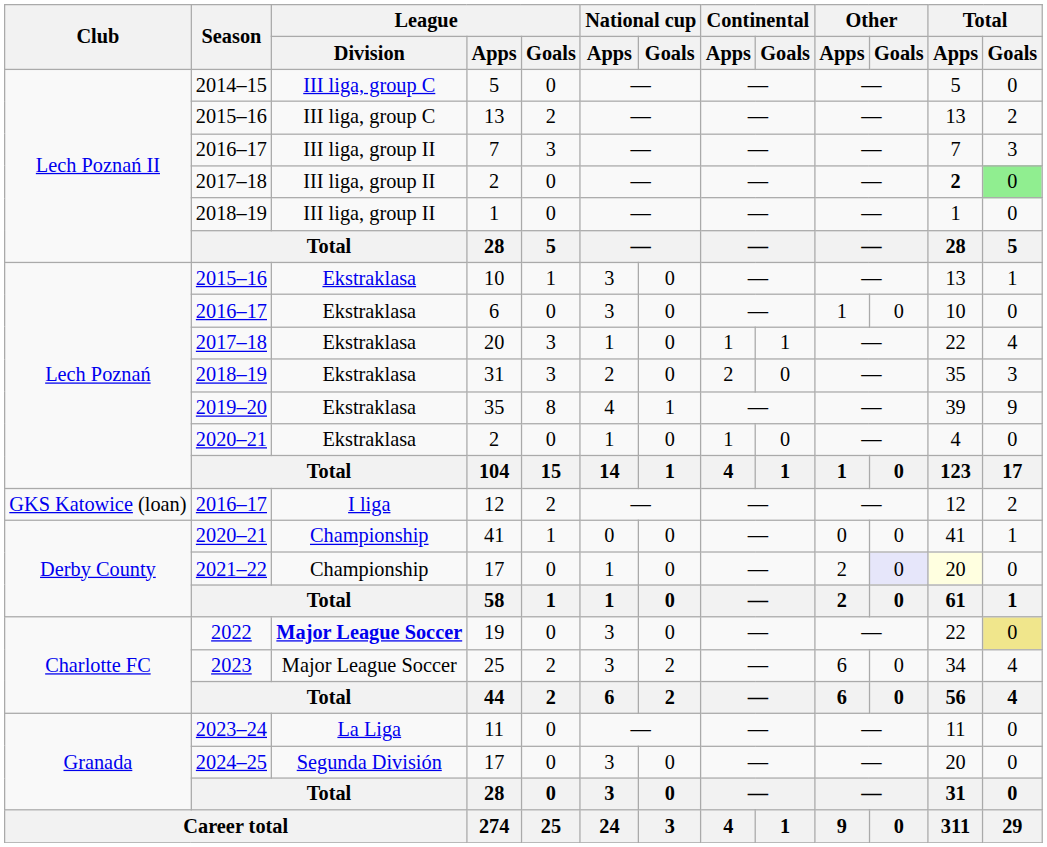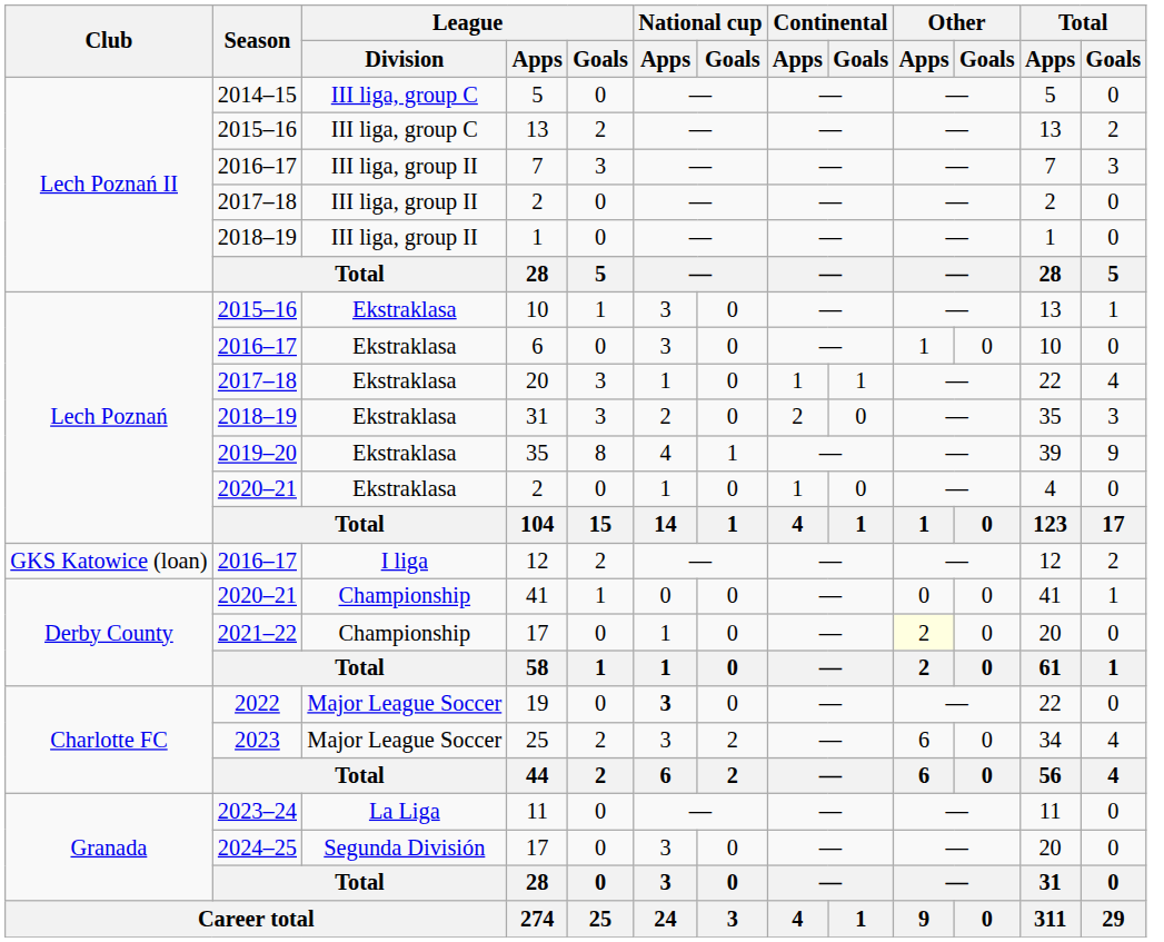 <table class="wikitable" style="text-align:center">
 <tr>
 <th rowspan="2">Club</th>
 <th rowspan="2">Season</th>
 <th colspan="3">League</th>
 <th colspan="2">National cup</th>
 <th colspan="2">Continental</th>
 <th colspan="2">Other</th>
 <th colspan="2">Total</th>
 </tr>
 <tr>
 <th>Division</th>
 <th>Apps</th>
 <th>Goals</th>
 <th>Apps</th>
 <th>Goals</th>
 <th>Apps</th>
 <th>Goals</th>
 <th>Apps</th>
 <th>Goals</th>
 <th>Apps</th>
 <th>Goals</th>
 </tr>
 <tr>
 <td rowspan="6"><a href='#'>Lech Poznań II</a></td>
 <td>2014–15</td>
 <td><a href='#'>III liga, group C</a></td>
 <td>5</td>
 <td>0</td>
 <td colspan="2">—</td>
 <td colspan="2">—</td>
 <td colspan="2">—</td>
 <td>5</td>
 <td>0</td>
 </tr>
 <tr>
 <td>2015–16</td>
 <td>III liga, group C</td>
 <td>13</td>
 <td>2</td>
 <td colspan="2">—</td>
 <td colspan="2">—</td>
 <td colspan="2">—</td>
 <td>13</td>
 <td>2</td>
 </tr>
 <tr>
 <td>2016–17</td>
 <td>III liga, group II</td>
 <td>7</td>
 <td>3</td>
 <td colspan="2">—</td>
 <td colspan="2">—</td>
 <td colspan="2">—</td>
 <td>7</td>
 <td>3</td>
 </tr>
 <tr>
 <td>2017–18</td>
 <td>III liga, group II</td>
 <td>2</td>
 <td>0</td>
 <td colspan="2">—</td>
 <td colspan="2">—</td>
 <td colspan="2">—</td>
-<td><strong>2</strong></td>
-<td style="background: lightgreen;">0</td>
+<td>2</td>
+<td>0</td>
 </tr>
 <tr>
 <td>2018–19</td>
 <td>III liga, group II</td>
 <td>1</td>
 <td>0</td>
 <td colspan="2">—</td>
 <td colspan="2">—</td>
 <td colspan="2">—</td>
 <td>1</td>
 <td>0</td>
 </tr>
 <tr>
 <th colspan="2">Total</th>
 <th>28</th>
 <th>5</th>
 <th colspan="2">—</th>
 <th colspan="2">—</th>
 <th colspan="2">—</th>
 <th>28</th>
 <th>5</th>
 </tr>
 <tr>
 <td rowspan="7"><a href='#'>Lech Poznań</a></td>
 <td><a href='#'>2015–16</a></td>
 <td><a href='#'>Ekstraklasa</a></td>
 <td>10</td>
 <td>1</td>
 <td>3</td>
 <td>0</td>
 <td colspan="2">—</td>
 <td colspan="2">—</td>
 <td>13</td>
 <td>1</td>
 </tr>
 <tr>
 <td><a href='#'>2016–17</a></td>
 <td>Ekstraklasa</td>
 <td>6</td>
 <td>0</td>
 <td>3</td>
 <td>0</td>
 <td colspan="2">—</td>
 <td>1</td>
 <td>0</td>
 <td>10</td>
 <td>0</td>
 </tr>
 <tr>
 <td><a href='#'>2017–18</a></td>
 <td>Ekstraklasa</td>
 <td>20</td>
 <td>3</td>
 <td>1</td>
 <td>0</td>
 <td>1</td>
 <td>1</td>
 <td colspan="2">—</td>
 <td>22</td>
 <td>4</td>
 </tr>
 <tr>
 <td><a href='#'>2018–19</a></td>
 <td>Ekstraklasa</td>
 <td>31</td>
 <td>3</td>
 <td>2</td>
 <td>0</td>
 <td>2</td>
 <td>0</td>
 <td colspan="2">—</td>
 <td>35</td>
 <td>3</td>
 </tr>
 <tr>
 <td><a href='#'>2019–20</a></td>
 <td>Ekstraklasa</td>
 <td>35</td>
 <td>8</td>
 <td>4</td>
 <td>1</td>
 <td colspan="2">—</td>
 <td colspan="2">—</td>
 <td>39</td>
 <td>9</td>
 </tr>
 <tr>
 <td><a href='#'>2020–21</a></td>
 <td>Ekstraklasa</td>
 <td>2</td>
 <td>0</td>
 <td>1</td>
 <td>0</td>
 <td>1</td>
 <td>0</td>
 <td colspan="2">—</td>
 <td>4</td>
 <td>0</td>
 </tr>
 <tr>
 <th colspan="2">Total</th>
 <th>104</th>
 <th>15</th>
 <th>14</th>
 <th>1</th>
 <th>4</th>
 <th>1</th>
 <th>1</th>
 <th>0</th>
 <th>123</th>
 <th>17</th>
 </tr>
 <tr>
 <td><a href='#'>GKS Katowice</a> (loan)</td>
 <td><a href='#'>2016–17</a></td>
 <td><a href='#'>I liga</a></td>
 <td>12</td>
 <td>2</td>
 <td colspan="2">—</td>
 <td colspan="2">—</td>
 <td colspan="2">—</td>
 <td>12</td>
 <td>2</td>
 </tr>
 <tr>
 <td rowspan="3"><a href='#'>Derby County</a></td>
 <td><a href='#'>2020–21</a></td>
 <td><a href='#'>Championship</a></td>
 <td>41</td>
 <td>1</td>
 <td>0</td>
 <td>0</td>
 <td colspan="2">—</td>
 <td>0</td>
 <td>0</td>
 <td>41</td>
 <td>1</td>
 </tr>
 <tr>
 <td><a href='#'>2021–22</a></td>
 <td>Championship</td>
 <td>17</td>
 <td>0</td>
 <td>1</td>
 <td>0</td>
 <td colspan="2">—</td>
-<td>2</td>
-<td style="background: lavender;">0</td>
-<td style="background: lightyellow;">20</td>
+<td style="background: lightyellow;">2</td>
+<td>0</td>
+<td>20</td>
 <td>0</td>
 </tr>
 <tr>
 <th colspan="2">Total</th>
 <th>58</th>
 <th>1</th>
 <th>1</th>
 <th>0</th>
 <th colspan="2">—</th>
 <th>2</th>
 <th>0</th>
 <th>61</th>
 <th>1</th>
 </tr>
 <tr>
 <td rowspan="3"><a href='#'>Charlotte FC</a></td>
 <td><a href='#'>2022</a></td>
-<td><strong><a href='#'>Major League Soccer</a></strong></td>
+<td><a href='#'>Major League Soccer</a></td>
 <td>19</td>
 <td>0</td>
-<td>3</td>
+<td><strong>3</strong></td>
 <td>0</td>
 <td colspan="2">—</td>
 <td colspan="2">—</td>
 <td>22</td>
-<td style="background: khaki;">0</td>
+<td>0</td>
 </tr>
 <tr>
 <td><a href='#'>2023</a></td>
 <td>Major League Soccer</td>
 <td>25</td>
 <td>2</td>
 <td>3</td>
 <td>2</td>
 <td colspan="2">—</td>
 <td>6</td>
 <td>0</td>
 <td>34</td>
 <td>4</td>
 </tr>
 <tr>
 <th colspan="2">Total</th>
 <th>44</th>
 <th>2</th>
 <th>6</th>
 <th>2</th>
 <th colspan="2">—</th>
 <th>6</th>
 <th>0</th>
 <th>56</th>
 <th>4</th>
 </tr>
 <tr>
 <td rowspan="3"><a href='#'>Granada</a></td>
 <td><a href='#'>2023–24</a></td>
 <td><a href='#'>La Liga</a></td>
 <td>11</td>
 <td>0</td>
 <td colspan="2">—</td>
 <td colspan="2">—</td>
 <td colspan="2">—</td>
 <td>11</td>
 <td>0</td>
 </tr>
 <tr>
 <td><a href='#'>2024–25</a></td>
 <td><a href='#'>Segunda División</a></td>
 <td>17</td>
 <td>0</td>
 <td>3</td>
 <td>0</td>
 <td colspan="2">—</td>
 <td colspan="2">—</td>
 <td>20</td>
 <td>0</td>
 </tr>
 <tr>
 <th colspan="2">Total</th>
 <th>28</th>
 <th>0</th>
 <th>3</th>
 <th>0</th>
 <th colspan="2">—</th>
 <th colspan="2">—</th>
 <th>31</th>
 <th>0</th>
 </tr>
 <tr>
 <th colspan="3">Career total</th>
 <th>274</th>
 <th>25</th>
 <th>24</th>
 <th>3</th>
 <th>4</th>
 <th>1</th>
 <th>9</th>
 <th>0</th>
 <th>311</th>
 <th>29</th>
 </tr>
 </table>
